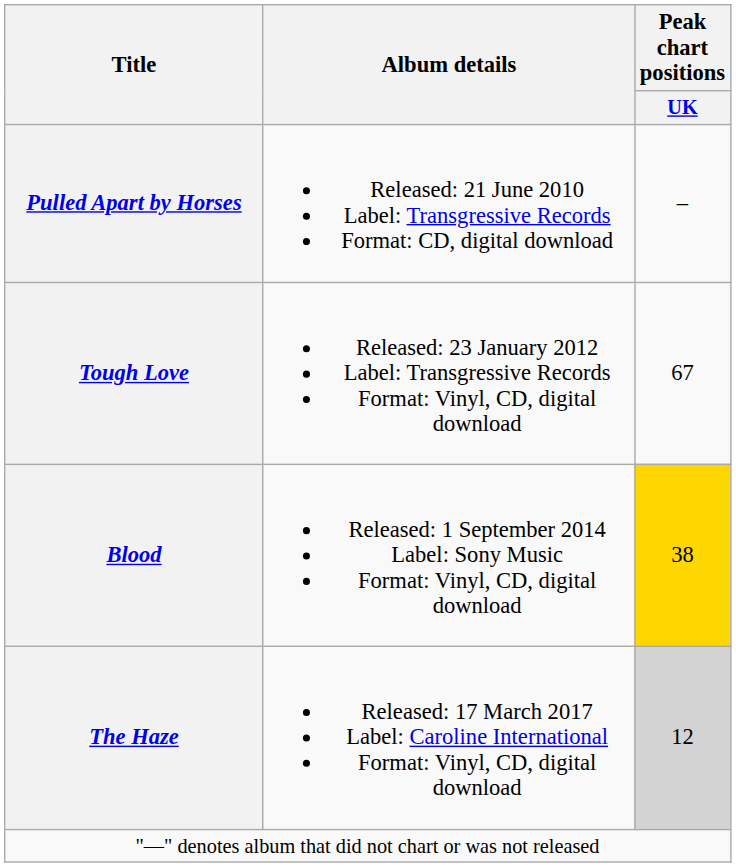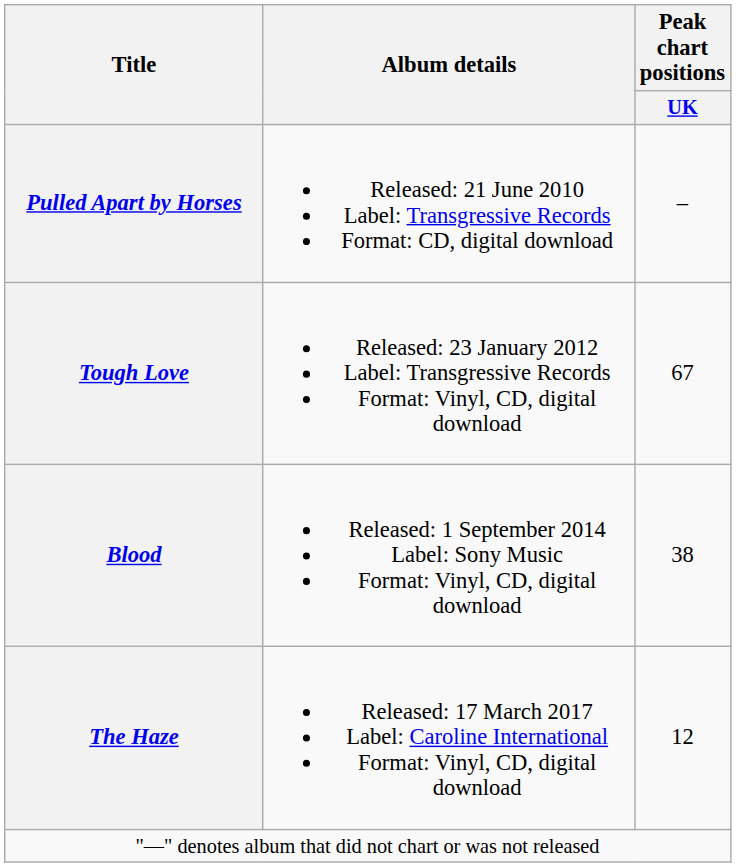 <table class="wikitable plainrowheaders" style="text-align:center;">
 <tr>
 <th scope="col" rowspan="2" style="width:11em;">Title</th>
 <th scope="col" rowspan="2" style="width:16em;">Album details</th>
 <th scope="col">Peak chart positions</th>
 </tr>
 <tr>
 <th scope="col" style="width:3em;font-size:90%;"><a href='#'>UK</a><br></th>
 </tr>
 <tr>
 <th scope="row"><em><a href='#'>Pulled Apart by Horses</a></em></th>
 <td><br><ul><li>Released: 21 June 2010</li><li>Label: <a href='#'>Transgressive Records</a></li><li>Format: CD, digital download</li></ul></td>
 <td>–</td>
 </tr>
 <tr>
 <th scope="row"><em><a href='#'>Tough Love</a></em></th>
 <td><br><ul><li>Released: 23 January 2012</li><li>Label: Transgressive Records</li><li>Format: Vinyl, CD, digital download</li></ul></td>
 <td>67</td>
 </tr>
 <tr>
 <th scope="row"><em><a href='#'>Blood</a></em></th>
 <td><br><ul><li>Released: 1 September 2014</li><li>Label: Sony Music</li><li>Format: Vinyl, CD, digital download</li></ul></td>
-<td style="background: gold;">38</td>
+<td>38</td>
 </tr>
 <tr>
 <th scope="row"><em><a href='#'>The Haze</a></em></th>
 <td><br><ul><li>Released: 17 March 2017</li><li>Label: <a href='#'>Caroline International</a></li><li>Format: Vinyl, CD, digital download</li></ul></td>
-<td style="background: lightgrey;">12</td>
+<td>12</td>
 </tr>
 <tr>
 <td colspan="14" style="font-size:90%">"—" denotes album that did not chart or was not released</td>
 </tr>
 </table>
